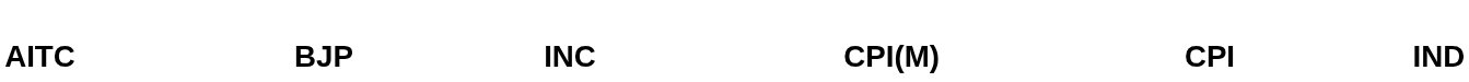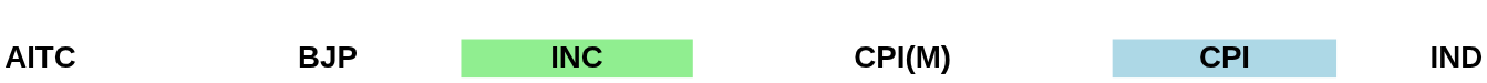 <table style="width:100%; text-align:center;">
 <tr style="color:white;">
 <td style="background:"><strong>0</strong></td>
 <td style="background:"><strong>0</strong></td>
 <td style="background:"><strong>0</strong></td>
 <td style="background:"><strong>0</strong></td>
 <td style="background:"><strong>0</strong></td>
 <td style="background:"><strong>0</strong></td>
 </tr>
 <tr>
 <td><span><strong>AITC</strong></span></td>
 <td><span><strong>BJP</strong></span></td>
-<td><span><strong>INC</strong></span></td>
+<td style="background: lightgreen;"><span><strong>INC</strong></span></td>
 <td><span><strong>CPI(M)</strong></span></td>
-<td><span><strong>CPI</strong></span></td>
+<td style="background: lightblue;"><span><strong>CPI</strong></span></td>
 <td><span><strong>IND</strong></span></td>
 </tr>
 </table>
